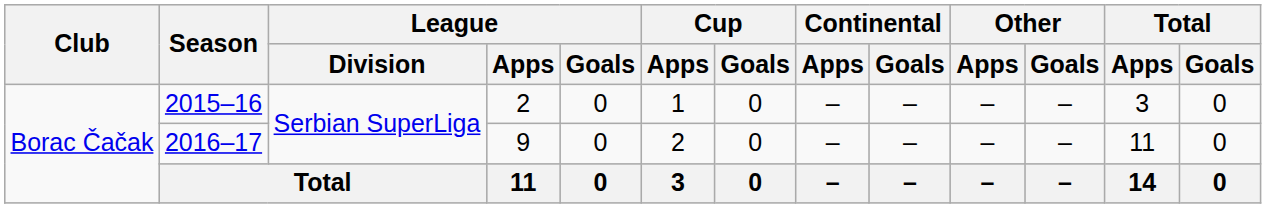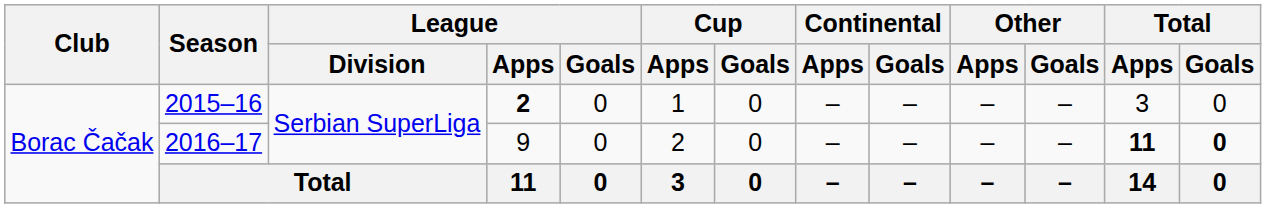 <table class="wikitable" style="text-align:center">
 <tr>
 <th rowspan="2">Club</th>
 <th rowspan="2">Season</th>
 <th colspan="3">League</th>
 <th colspan="2">Cup</th>
 <th colspan="2">Continental</th>
 <th colspan="2">Other</th>
 <th colspan="2">Total</th>
 </tr>
 <tr>
 <th>Division</th>
 <th>Apps</th>
 <th>Goals</th>
 <th>Apps</th>
 <th>Goals</th>
 <th>Apps</th>
 <th>Goals</th>
 <th>Apps</th>
 <th>Goals</th>
 <th>Apps</th>
 <th>Goals</th>
 </tr>
 <tr>
 <td rowspan="3"><a href='#'>Borac Čačak</a></td>
 <td><a href='#'>2015–16</a></td>
 <td rowspan=2><a href='#'>Serbian SuperLiga</a></td>
-<td>2</td>
+<td><strong>2</strong></td>
 <td>0</td>
 <td>1</td>
 <td>0</td>
 <td>–</td>
 <td>–</td>
 <td>–</td>
 <td>–</td>
 <td>3</td>
 <td>0</td>
 </tr>
 <tr>
 <td><a href='#'>2016–17</a></td>
 <td>9</td>
 <td>0</td>
 <td>2</td>
 <td>0</td>
 <td>–</td>
 <td>–</td>
 <td>–</td>
 <td>–</td>
-<td>11</td>
-<td>0</td>
+<td><strong>11</strong></td>
+<td><strong>0</strong></td>
 </tr>
 <tr>
 <th colspan="2">Total</th>
 <th>11</th>
 <th>0</th>
 <th>3</th>
 <th>0</th>
 <th>–</th>
 <th>–</th>
 <th>–</th>
 <th>–</th>
 <th>14</th>
 <th>0</th>
 </tr>
 </table>
